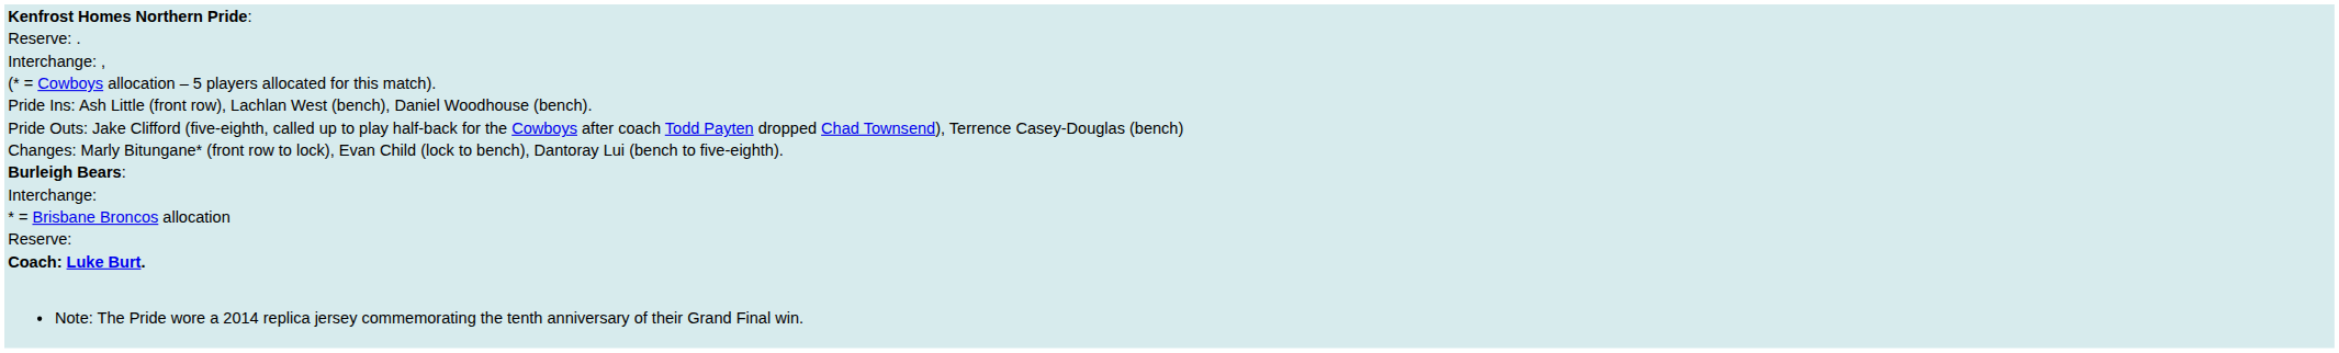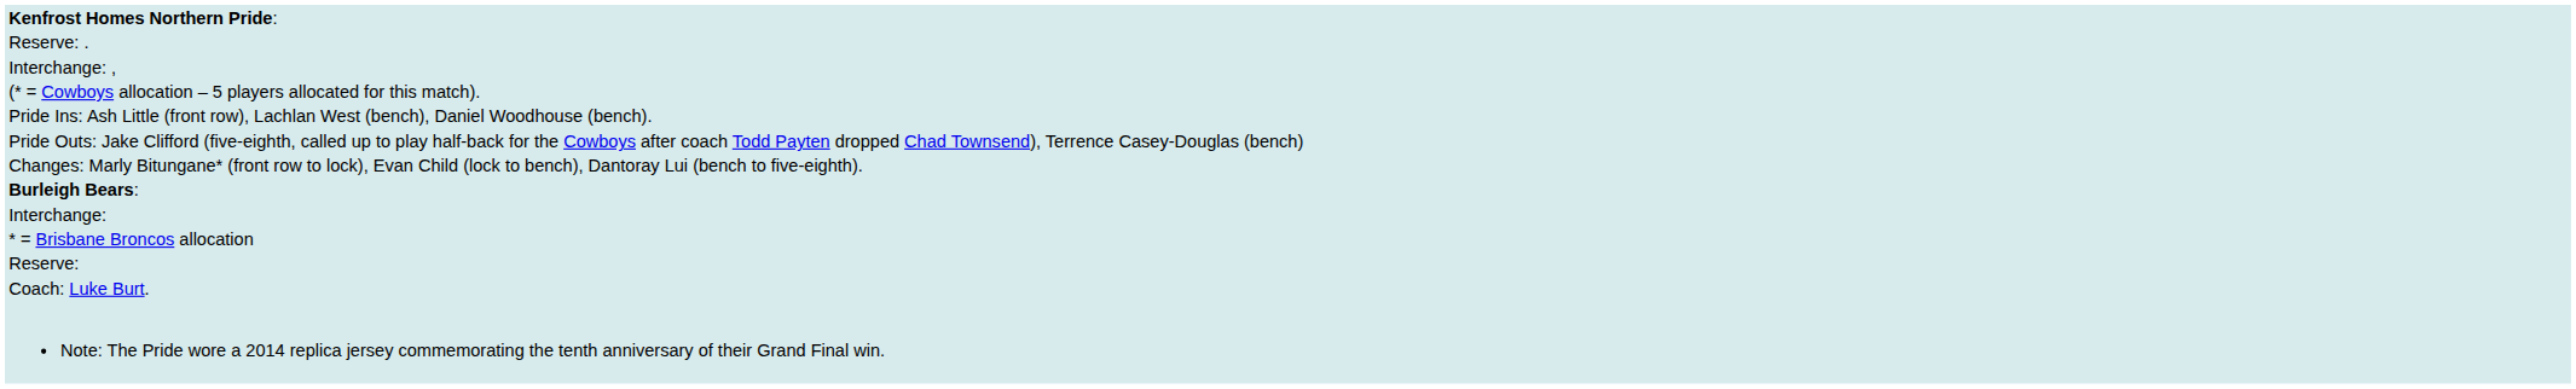 <table style="background:#d7ebed; font-size:85%; width:100%;">
 <tr>
 <td><strong>Kenfrost Homes Northern Pride</strong>:             </td>
 </tr>
 <tr>
 <td>Reserve: .</td>
 </tr>
 <tr>
 <td>Interchange: ,   </td>
 </tr>
 <tr>
 <td>(* = <a href='#'>Cowboys</a> allocation – 5 players allocated for this match).</td>
 </tr>
 <tr>
 <td>Pride Ins: Ash Little (front row), Lachlan West (bench), Daniel Woodhouse (bench).</td>
 </tr>
 <tr>
 <td>Pride Outs: Jake Clifford (five-eighth, called up to play half-back for the <a href='#'>Cowboys</a> after coach <a href='#'>Todd Payten</a> dropped <a href='#'>Chad Townsend</a>), Terrence Casey-Douglas (bench)</td>
 </tr>
 <tr>
 <td>Changes: Marly Bitungane* (front row to lock), Evan Child (lock to bench), Dantoray Lui (bench to five-eighth).</td>
 </tr>
 <tr>
 <td><strong>Burleigh Bears</strong>:             </td>
 </tr>
 <tr>
 <td>Interchange:    </td>
 </tr>
 <tr>
 <td>* = <a href='#'>Brisbane Broncos</a> allocation</td>
 </tr>
 <tr>
 <td>Reserve: </td>
 </tr>
 <tr>
-<td><strong>Coach: <a href='#'>Luke Burt</a>.</strong></td>
+<td>Coach: <a href='#'>Luke Burt</a>.</td>
 </tr>
 <tr>
 <td><br><ul><li>Note: The Pride wore a 2014 replica jersey commemorating the tenth anniversary of their Grand Final win.</li></ul></td>
 </tr>
 <tr>
 </tr>
 </table>
